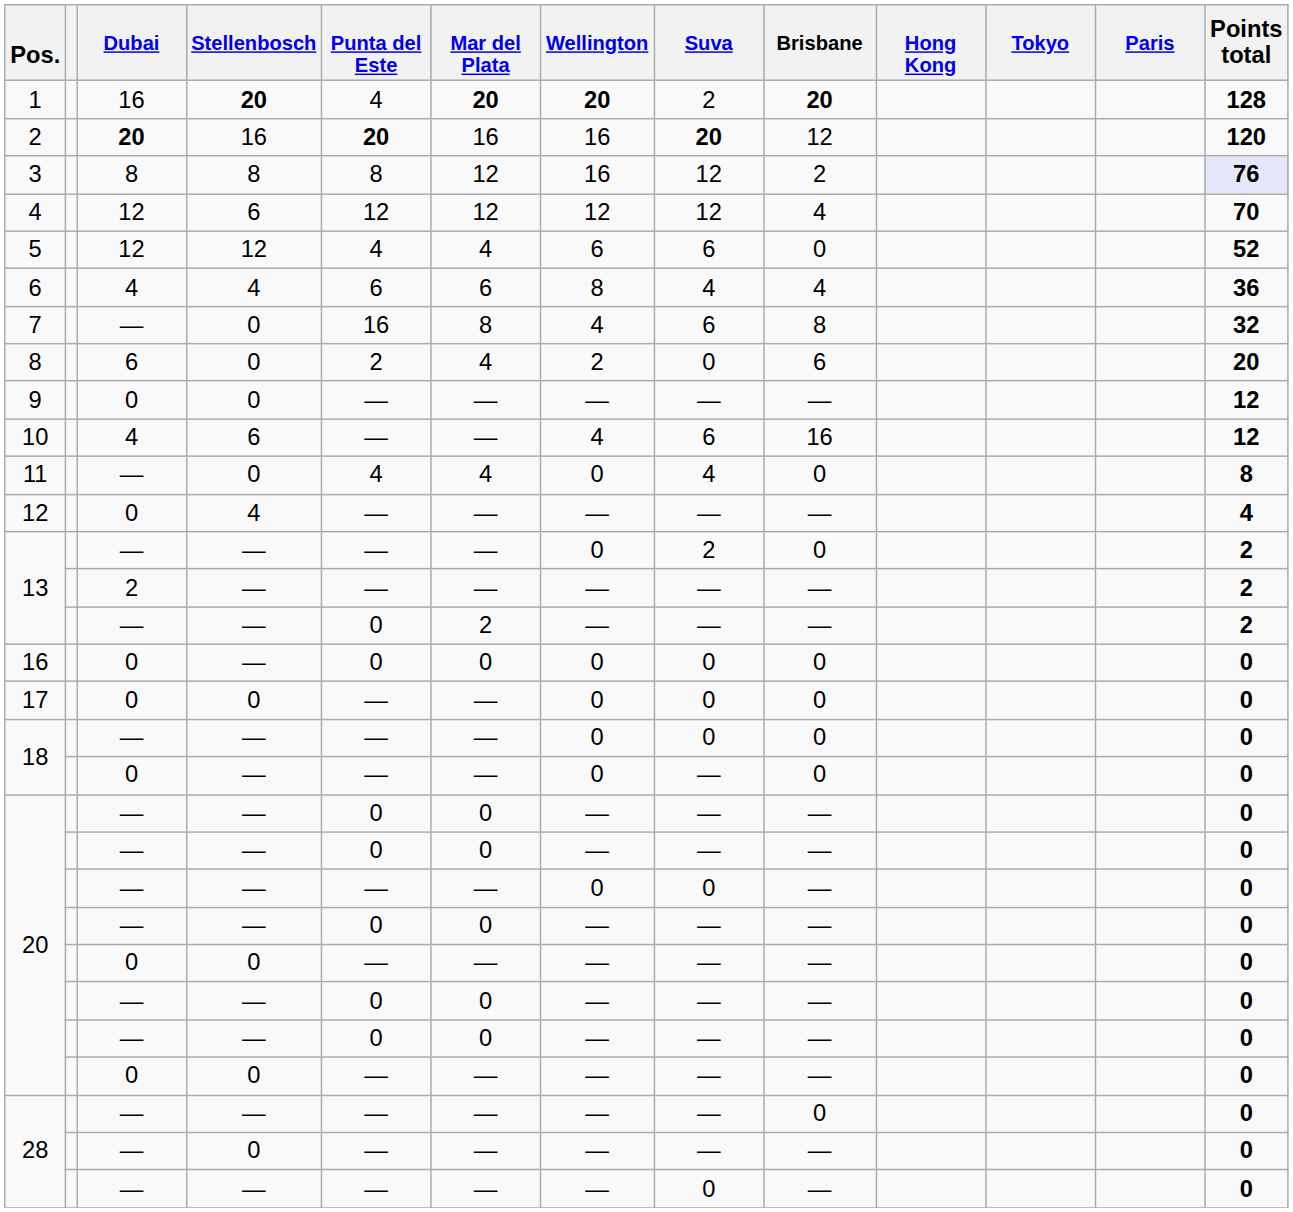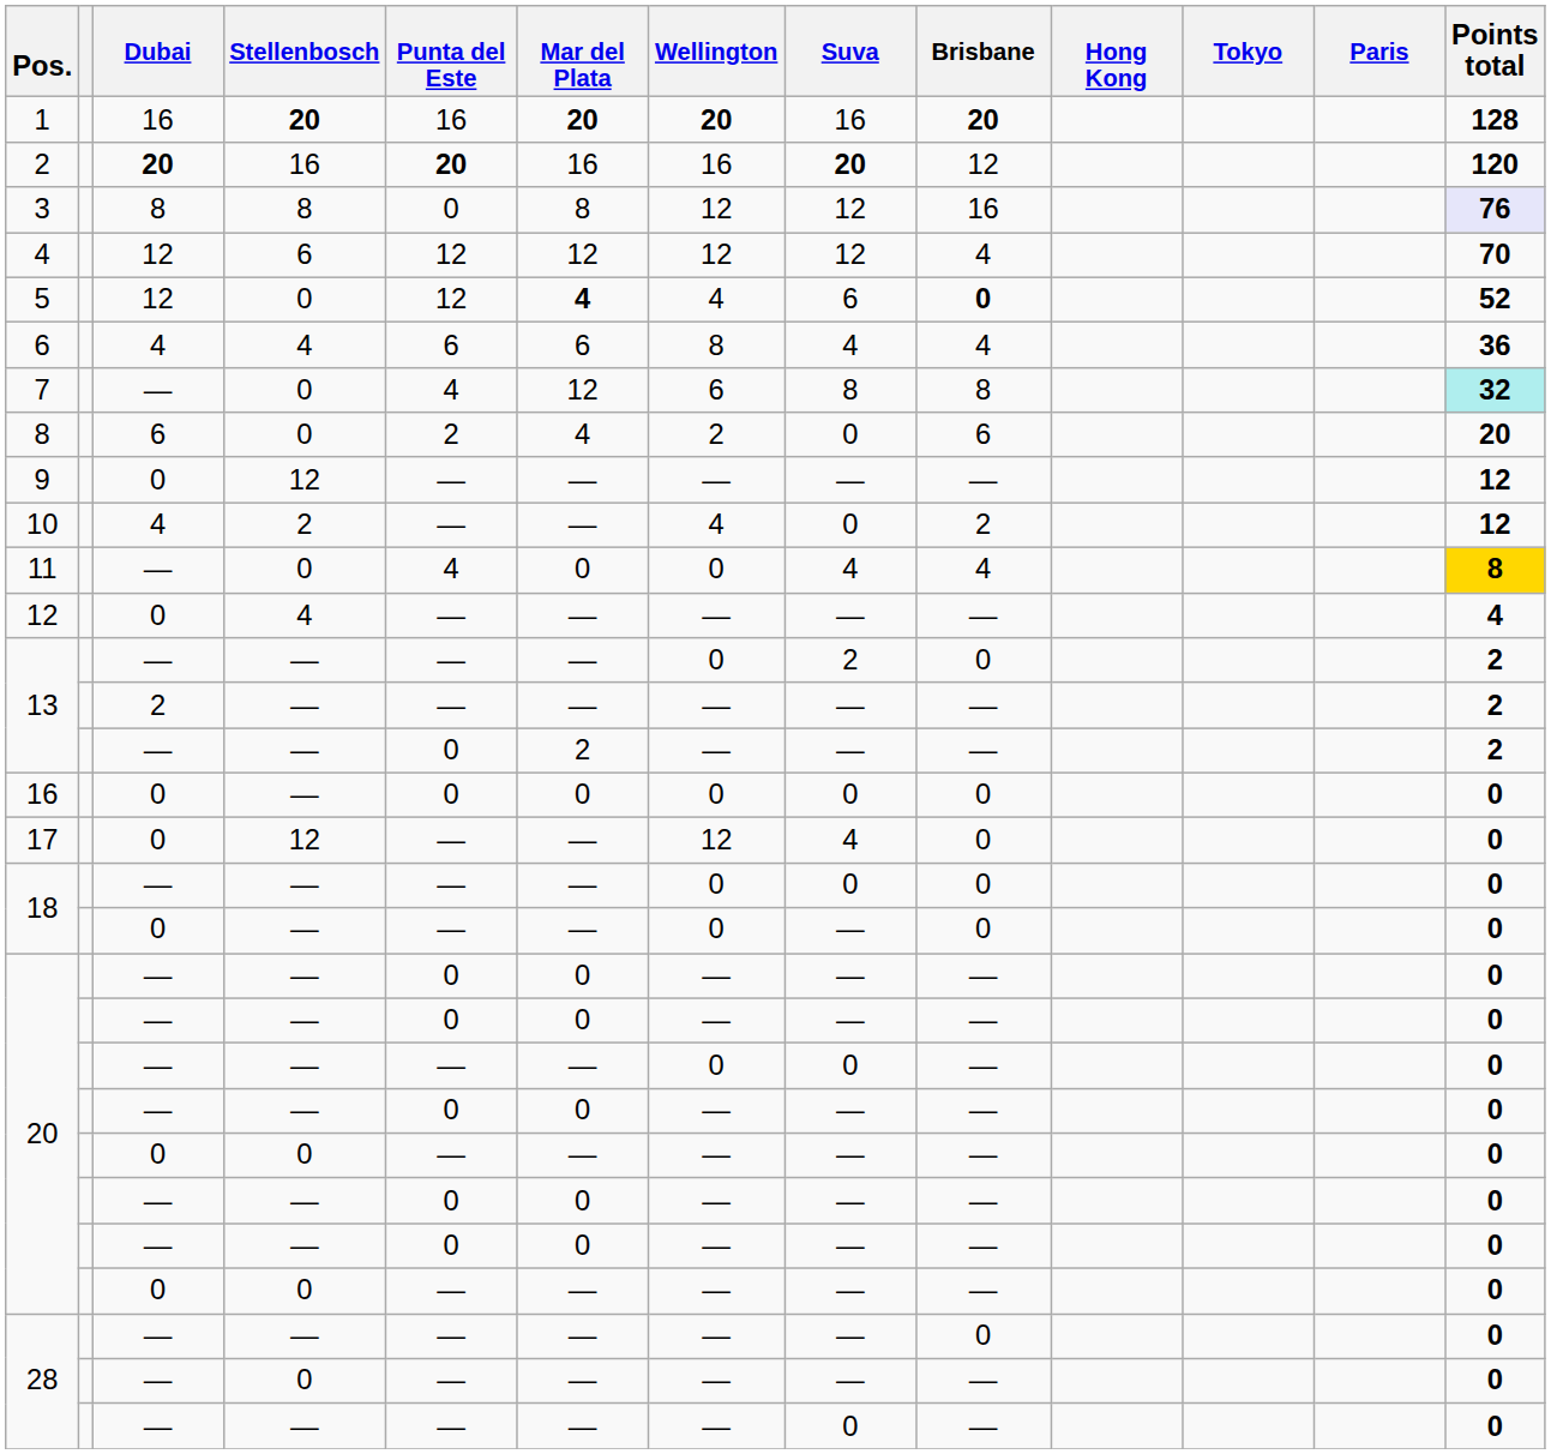 <table class="wikitable" style="text-align:center;">
 <tr>
 <th style="width:2em;"><br>Pos.</th>
 <th></th>
 <th style="width:5.2em; vertical-align:top; font-size:85%;"><br><a href='#'>Dubai</a></th>
 <th style="width:5.2em; vertical-align:top; font-size:85%;"><br><a href='#'>Stellenbosch</a></th>
 <th style="width:5.2em; vertical-align:top; font-size:85%;"><br><a href='#'>Punta del Este</a></th>
 <th style="width:5.2em; vertical-align:top; font-size:85%;"><br><a href='#'>Mar del Plata</a></th>
 <th style="width:5.2em; vertical-align:top; font-size:85%;"><br><a href='#'>Wellington</a></th>
 <th style="width:5.2em; vertical-align:top; font-size:85%;"><br><a href='#'>Suva</a></th>
 <th style="width:5.2em; vertical-align:top; font-size:85%;"><br>Brisbane</th>
 <th style="width:5.2em; vertical-align:top; font-size:85%;"><br><a href='#'>Hong Kong</a></th>
 <th style="width:5.2em; vertical-align:top; font-size:85%;"><br><a href='#'>Tokyo</a></th>
 <th style="width:5.2em; vertical-align:top; font-size:85%;"><br><a href='#'>Paris</a></th>
 <th>Points<br>total</th>
 </tr>
 <tr>
 <td>1</td>
 <td align=left></td>
 <td>16</td>
 <td><strong>20</strong></td>
-<td>4</td>
+<td>16</td>
 <td><strong>20</strong></td>
 <td><strong>20</strong></td>
-<td>2</td>
+<td>16</td>
 <td><strong>20</strong></td>
 <td></td>
 <td></td>
 <td></td>
 <td><strong>128</strong></td>
 </tr>
 <tr>
 <td>2</td>
 <td align=left></td>
 <td><strong>20</strong></td>
 <td>16</td>
 <td><strong>20</strong></td>
 <td>16</td>
 <td>16</td>
 <td><strong>20</strong></td>
 <td>12</td>
 <td></td>
 <td></td>
 <td></td>
 <td><strong>120</strong></td>
 </tr>
 <tr>
 <td>3</td>
 <td align=left></td>
 <td>8</td>
 <td>8</td>
+<td>0</td>
 <td>8</td>
 <td>12</td>
+<td>12</td>
 <td>16</td>
-<td>12</td>
-<td>2</td>
 <td></td>
 <td></td>
 <td></td>
 <td style="background: lavender;"><strong>76</strong></td>
 </tr>
 <tr>
 <td>4</td>
 <td align=left></td>
 <td>12</td>
 <td>6</td>
 <td>12</td>
 <td>12</td>
 <td>12</td>
 <td>12</td>
 <td>4</td>
 <td></td>
 <td></td>
 <td></td>
 <td><strong>70</strong></td>
 </tr>
 <tr>
 <td>5</td>
 <td align=left></td>
 <td>12</td>
+<td>0</td>
 <td>12</td>
-<td>4</td>
+<td><strong>4</strong></td>
 <td>4</td>
 <td>6</td>
-<td>6</td>
-<td>0 </td>
+<td><strong>0 </strong></td>
 <td></td>
 <td></td>
 <td></td>
 <td><strong>52</strong></td>
 </tr>
 <tr>
 <td>6</td>
 <td align=left></td>
 <td>4</td>
 <td>4</td>
 <td>6</td>
 <td>6</td>
 <td>8</td>
 <td>4</td>
 <td>4</td>
 <td></td>
 <td></td>
 <td></td>
 <td><strong>36</strong></td>
 </tr>
 <tr>
 <td>7</td>
 <td align=left></td>
 <td>—</td>
 <td>0</td>
-<td>16</td>
+<td>4</td>
+<td>12</td>
+<td>6</td>
 <td>8</td>
-<td>4</td>
-<td>6</td>
 <td>8</td>
 <td></td>
 <td></td>
 <td></td>
-<td><strong>32</strong></td>
+<td style="background: paleturquoise;"><strong>32</strong></td>
 </tr>
 <tr>
 <td>8</td>
 <td align=left></td>
 <td>6</td>
 <td>0</td>
 <td>2</td>
 <td>4</td>
 <td>2</td>
 <td>0</td>
 <td>6</td>
 <td></td>
 <td></td>
 <td></td>
 <td><strong>20</strong></td>
 </tr>
 <tr>
 <td>9</td>
 <td align=left></td>
 <td>0</td>
-<td>0</td>
+<td>12</td>
 <td>—</td>
 <td>—</td>
 <td>—</td>
 <td>—</td>
 <td>—</td>
 <td></td>
 <td></td>
 <td></td>
 <td><strong>12</strong></td>
 </tr>
 <tr>
 <td>10</td>
 <td align=left></td>
 <td>4</td>
-<td>6</td>
+<td>2</td>
 <td>—</td>
 <td>—</td>
 <td>4</td>
-<td>6</td>
-<td>16</td>
+<td>0</td>
+<td>2</td>
 <td></td>
 <td></td>
 <td></td>
 <td><strong>12</strong></td>
 </tr>
 <tr>
 <td>11</td>
 <td align=left></td>
 <td>—</td>
 <td>0</td>
 <td>4</td>
-<td>4</td>
+<td>0</td>
 <td>0</td>
 <td>4</td>
-<td>0</td>
+<td>4</td>
 <td></td>
 <td></td>
 <td></td>
-<td><strong>8</strong></td>
+<td style="background: gold;"><strong>8</strong></td>
 </tr>
 <tr>
 <td>12</td>
 <td align=left></td>
 <td>0</td>
 <td>4</td>
 <td>—</td>
 <td>—</td>
 <td>—</td>
 <td>—</td>
 <td>—</td>
 <td></td>
 <td></td>
 <td></td>
 <td><strong>4</strong></td>
 </tr>
 <tr>
 <td rowspan=3>13</td>
 <td align=left></td>
 <td>—</td>
 <td>—</td>
 <td>—</td>
 <td>—</td>
 <td>0</td>
 <td>2</td>
 <td>0</td>
 <td></td>
 <td></td>
 <td></td>
 <td><strong>2</strong></td>
 </tr>
 <tr>
 <td align=left></td>
 <td>2</td>
 <td>—</td>
 <td>—</td>
 <td>—</td>
 <td>—</td>
 <td>—</td>
 <td>—</td>
 <td></td>
 <td></td>
 <td></td>
 <td><strong>2</strong></td>
 </tr>
 <tr>
 <td align=left></td>
 <td>—</td>
 <td>—</td>
 <td>0</td>
 <td>2</td>
 <td>—</td>
 <td>—</td>
 <td>—</td>
 <td></td>
 <td></td>
 <td></td>
 <td><strong>2</strong></td>
 </tr>
 <tr>
 <td>16</td>
 <td align=left></td>
 <td>0</td>
 <td>—</td>
 <td>0</td>
 <td>0</td>
 <td>0</td>
 <td>0</td>
 <td>0</td>
 <td></td>
 <td></td>
 <td></td>
 <td><strong>0</strong></td>
 </tr>
 <tr>
 <td>17</td>
 <td align=left></td>
 <td>0</td>
-<td>0</td>
+<td>12</td>
 <td>—</td>
 <td>—</td>
-<td>0</td>
-<td>0</td>
+<td>12</td>
+<td>4</td>
 <td>0</td>
 <td></td>
 <td></td>
 <td></td>
 <td><strong>0</strong></td>
 </tr>
 <tr>
 <td rowspan=2>18</td>
 <td align=left></td>
 <td>—</td>
 <td>—</td>
 <td>—</td>
 <td>—</td>
 <td>0</td>
 <td>0</td>
 <td>0</td>
 <td></td>
 <td></td>
 <td></td>
 <td><strong>0</strong></td>
 </tr>
 <tr>
 <td align=left></td>
 <td>0</td>
 <td>—</td>
 <td>—</td>
 <td>—</td>
 <td>0</td>
 <td>—</td>
 <td>0</td>
 <td></td>
 <td></td>
 <td></td>
 <td><strong>0</strong></td>
 </tr>
 <tr>
 <td rowspan=8>20</td>
 <td align=left></td>
 <td>—</td>
 <td>—</td>
 <td>0</td>
 <td>0</td>
 <td>—</td>
 <td>—</td>
 <td>—</td>
 <td></td>
 <td></td>
 <td></td>
 <td><strong>0</strong></td>
 </tr>
 <tr>
 <td align=left></td>
 <td>—</td>
 <td>—</td>
 <td>0</td>
 <td>0</td>
 <td>—</td>
 <td>—</td>
 <td>—</td>
 <td></td>
 <td></td>
 <td></td>
 <td><strong>0</strong></td>
 </tr>
 <tr>
 <td align=left></td>
 <td>—</td>
 <td>—</td>
 <td>—</td>
 <td>—</td>
 <td>0</td>
 <td>0</td>
 <td>—</td>
 <td></td>
 <td></td>
 <td></td>
 <td><strong>0</strong></td>
 </tr>
 <tr>
 <td align=left></td>
 <td>—</td>
 <td>—</td>
 <td>0</td>
 <td>0</td>
 <td>—</td>
 <td>—</td>
 <td>—</td>
 <td></td>
 <td></td>
 <td></td>
 <td><strong>0</strong></td>
 </tr>
 <tr>
 <td align=left></td>
 <td>0</td>
 <td>0</td>
 <td>—</td>
 <td>—</td>
 <td>—</td>
 <td>—</td>
 <td>—</td>
 <td></td>
 <td></td>
 <td></td>
 <td><strong>0</strong></td>
 </tr>
 <tr>
 <td align=left></td>
 <td>—</td>
 <td>—</td>
 <td>0</td>
 <td>0</td>
 <td>—</td>
 <td>—</td>
 <td>—</td>
 <td></td>
 <td></td>
 <td></td>
 <td><strong>0</strong></td>
 </tr>
 <tr>
 <td align=left></td>
 <td>—</td>
 <td>—</td>
 <td>0</td>
 <td>0</td>
 <td>—</td>
 <td>—</td>
 <td>—</td>
 <td></td>
 <td></td>
 <td></td>
 <td><strong>0</strong></td>
 </tr>
 <tr>
 <td align=left></td>
 <td>0</td>
 <td>0</td>
 <td>—</td>
 <td>—</td>
 <td>—</td>
 <td>—</td>
 <td>—</td>
 <td></td>
 <td></td>
 <td></td>
 <td><strong>0</strong></td>
 </tr>
 <tr>
 <td rowspan=3>28</td>
 <td align=left></td>
 <td>—</td>
 <td>—</td>
 <td>—</td>
 <td>—</td>
 <td>—</td>
 <td>—</td>
 <td>0</td>
 <td></td>
 <td></td>
 <td></td>
 <td><strong>0</strong></td>
 </tr>
 <tr>
 <td align=left></td>
 <td>—</td>
 <td>0</td>
 <td>—</td>
 <td>—</td>
 <td>—</td>
 <td>—</td>
 <td>—</td>
 <td></td>
 <td></td>
 <td></td>
 <td><strong>0</strong></td>
 </tr>
 <tr>
 <td align=left></td>
 <td>—</td>
 <td>—</td>
 <td>—</td>
 <td>—</td>
 <td>—</td>
 <td>0</td>
 <td>—</td>
 <td></td>
 <td></td>
 <td></td>
 <td><strong>0</strong></td>
 </tr>
 </table>
